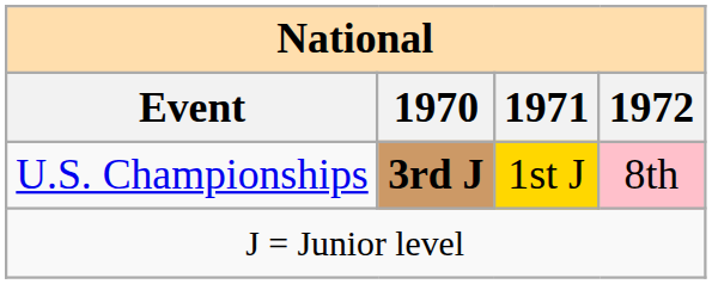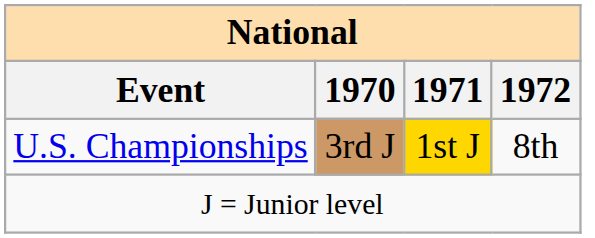 <table class="wikitable" style="text-align:center">
 <tr>
 <th style="background-color: #ffdead; " colspan=4 align=center>National</th>
 </tr>
 <tr>
 <th>Event</th>
 <th>1970</th>
 <th>1971</th>
 <th>1972</th>
 </tr>
 <tr>
 <td align=left><a href='#'>U.S. Championships</a></td>
-<td bgcolor=cc9966><strong>3rd J</strong></td>
+<td bgcolor=cc9966>3rd J</td>
 <td bgcolor=gold>1st J</td>
-<td style="background: pink;">8th</td>
+<td>8th</td>
 </tr>
 <tr>
 <td colspan=4 align=center><small> J = Junior level </small></td>
 </tr>
 </table>
